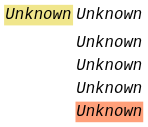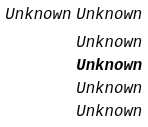 <table>
 <tr style="vertical-align:top;" style="background:#dfdfdf;">
 </tr>
 <tr style="vertical-align:center;">
 <th scope=row style="text-align:left"></th>
 <td></td>
-<td style="background: khaki;"><em>Unknown</em></td>
+<td><em>Unknown</em></td>
 <td><em>Unknown</em></td>
 </tr>
 <tr style="vertical-align:top;">
 <th scope=row style="text-align:left"></th>
 <td></td>
 <td></td>
 <td></td>
 </tr>
 <tr style="vertical-align:top;">
 <th scope=row style="text-align:left"></th>
 <td></td>
 <td></td>
 <td><em>Unknown</em></td>
 </tr>
 <tr style="vertical-align:top;">
 <th scope=row style="text-align:left"></th>
 <td></td>
 <td></td>
-<td><em>Unknown</em></td>
+<td><strong><em>Unknown</em></strong></td>
 </tr>
 <tr style="vertical-align:top;">
 <th scope=row style="text-align:left"></th>
 <td></td>
 <td></td>
 <td><em>Unknown</em></td>
 </tr>
 <tr style="vertical-align:top;">
 <th scope=row style="text-align:left"></th>
 <td></td>
 <td></td>
-<td style="background: lightsalmon;"><em>Unknown</em></td>
+<td><em>Unknown</em></td>
 </tr>
 </table>
